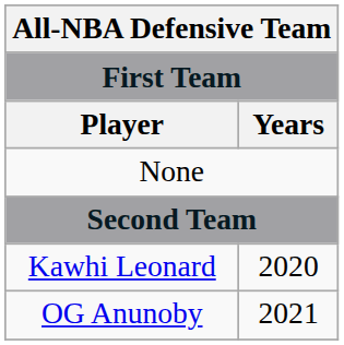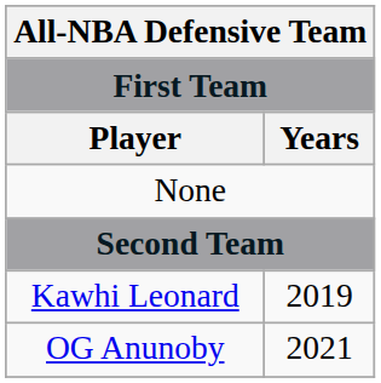 <table class="wikitable" style="text-align:center">
 <tr>
 <th colspan="2">All-NBA Defensive Team</th>
 </tr>
 <tr>
 <th colspan="2" style="text-align:center; background:#A1A1A4; color:#061922;">First Team</th>
 </tr>
 <tr>
 <th>Player</th>
 <th>Years</th>
 </tr>
 <tr>
 <td colspan="2">None</td>
 </tr>
 <tr>
 <th colspan="2" style="text-align:center; background:#A1A1A4; color:#061922;">Second Team</th>
 </tr>
 <tr>
 <td><a href='#'>Kawhi Leonard</a></td>
-<td>2020</td>
+<td>2019</td>
 </tr>
 <tr>
 <td><a href='#'>OG Anunoby</a></td>
 <td>2021</td>
 </tr>
 </table>
